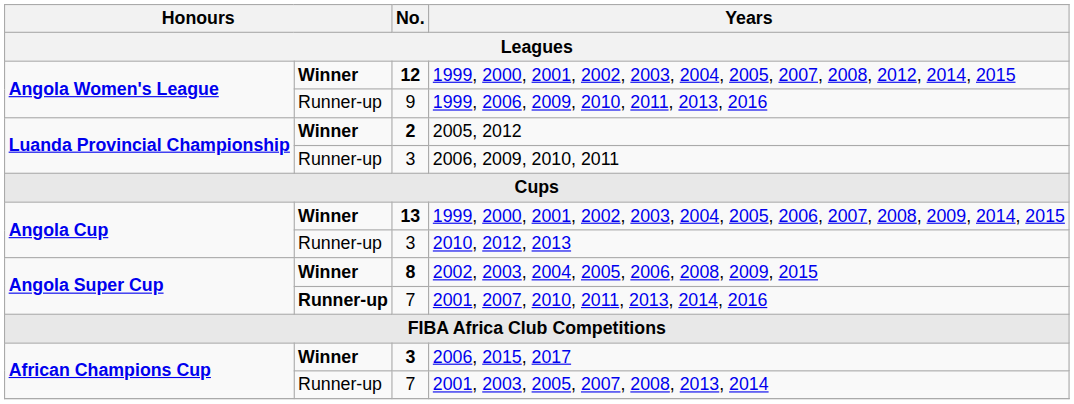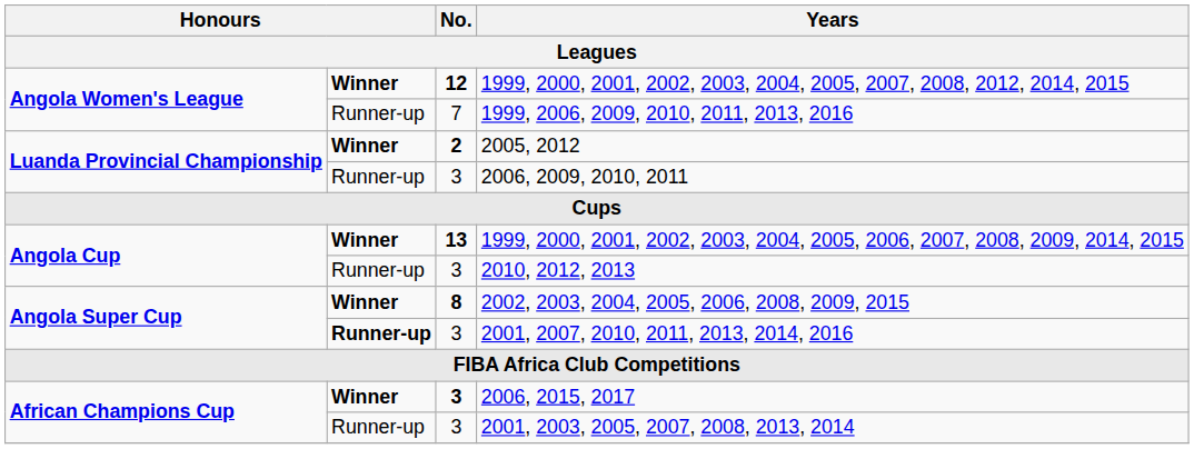 <table class="wikitable">
 <tr>
 <th colspan=2>Honours</th>
 <th>No.</th>
 <th>Years</th>
 </tr>
 <tr>
 <th colspan="6">Leagues</th>
 </tr>
 <tr>
 <td rowspan=2><strong><a href='#'>Angola Women's League</a></strong> </td>
 <td><strong>Winner</strong></td>
 <td align=center><strong>12</strong></td>
 <td><a href='#'>1999</a>, <a href='#'>2000</a>, <a href='#'>2001</a>, <a href='#'>2002</a>, <a href='#'>2003</a>, <a href='#'>2004</a>, <a href='#'>2005</a>, <a href='#'>2007</a>, <a href='#'>2008</a>, <a href='#'>2012</a>, <a href='#'>2014</a>, <a href='#'>2015</a></td>
 </tr>
 <tr>
 <td>Runner-up</td>
-<td align=center>9</td>
+<td align=center>7</td>
 <td><a href='#'>1999</a>, <a href='#'>2006</a>, <a href='#'>2009</a>, <a href='#'>2010</a>, <a href='#'>2011</a>, <a href='#'>2013</a>, <a href='#'>2016</a></td>
 </tr>
 <tr>
 <td rowspan=2><strong><a href='#'>Luanda Provincial Championship</a></strong></td>
 <td><strong>Winner</strong></td>
 <td align=center><strong>2</strong></td>
 <td>2005, 2012</td>
 </tr>
 <tr>
 <td>Runner-up</td>
 <td align=center>3</td>
 <td>2006, 2009, 2010, 2011</td>
 </tr>
 <tr>
 <th colspan="6" style="background:#E8E8E8;">Cups</th>
 </tr>
 <tr>
 <td rowspan=2><strong><a href='#'>Angola Cup</a></strong> </td>
 <td><strong>Winner</strong></td>
 <td align=center><strong>13</strong></td>
 <td><a href='#'>1999</a>, <a href='#'>2000</a>, <a href='#'>2001</a>, <a href='#'>2002</a>, <a href='#'>2003</a>, <a href='#'>2004</a>, <a href='#'>2005</a>, <a href='#'>2006</a>, <a href='#'>2007</a>, <a href='#'>2008</a>, <a href='#'>2009</a>, <a href='#'>2014</a>, <a href='#'>2015</a></td>
 </tr>
 <tr>
 <td>Runner-up</td>
 <td align=center>3</td>
 <td><a href='#'>2010</a>, <a href='#'>2012</a>, <a href='#'>2013</a></td>
 </tr>
 <tr>
 <td rowspan=2><strong><a href='#'>Angola Super Cup</a></strong> </td>
 <td><strong>Winner</strong></td>
 <td align=center><strong>8</strong></td>
 <td><a href='#'>2002</a>, <a href='#'>2003</a>, <a href='#'>2004</a>, <a href='#'>2005</a>, <a href='#'>2006</a>, <a href='#'>2008</a>, <a href='#'>2009</a>, <a href='#'>2015</a></td>
 </tr>
 <tr>
 <td><strong>Runner-up</strong></td>
-<td align=center>7</td>
+<td align=center>3</td>
 <td><a href='#'>2001</a>, <a href='#'>2007</a>, <a href='#'>2010</a>, <a href='#'>2011</a>, <a href='#'>2013</a>, <a href='#'>2014</a>, <a href='#'>2016</a></td>
 </tr>
 <tr>
 <th colspan="6" style="background:#E8E8E8;">FIBA Africa Club Competitions</th>
 </tr>
 <tr>
 <td rowspan=2><strong><a href='#'>African Champions Cup</a></strong> </td>
 <td><strong>Winner</strong></td>
 <td align=center><strong>3</strong></td>
 <td><a href='#'>2006</a>, <a href='#'>2015</a>, <a href='#'>2017</a></td>
 </tr>
 <tr>
 <td>Runner-up</td>
-<td align=center>7</td>
+<td align=center>3</td>
 <td><a href='#'>2001</a>, <a href='#'>2003</a>, <a href='#'>2005</a>, <a href='#'>2007</a>, <a href='#'>2008</a>, <a href='#'>2013</a>, <a href='#'>2014</a></td>
 </tr>
 <tr>
 </tr>
 </table>
